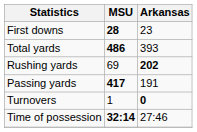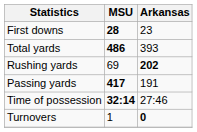 <table class="wikitable" style="float: left;">
 <tr>
 <th>Statistics</th>
 <th>MSU</th>
 <th>Arkansas</th>
 </tr>
 <tr>
 <td>First downs</td>
 <td><strong>28</strong></td>
 <td>23</td>
 </tr>
 <tr>
 <td>Total yards</td>
 <td><strong>486</strong></td>
 <td>393</td>
 </tr>
 <tr>
 <td>Rushing yards</td>
 <td>69</td>
 <td><strong>202</strong></td>
 </tr>
 <tr>
 <td>Passing yards</td>
 <td><strong>417</strong></td>
 <td>191</td>
 </tr>
 <tr>
+<td>Time of possession</td>
+<td><strong>32:14</strong></td>
+<td>27:46</td>
+</tr>
+<tr>
 <td>Turnovers</td>
 <td>1</td>
 <td><strong>0</strong></td>
 </tr>
 <tr>
-<td>Time of possession</td>
-<td><strong>32:14</strong></td>
-<td>27:46</td>
-</tr>
-<tr>
 </tr>
 </table>
